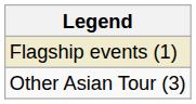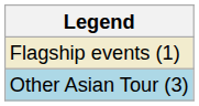 <table class="wikitable" style="font-size:95%;">
 <tr>
 <th>Legend</th>
 </tr>
 <tr style="background:#f2ecce;">
 <td>Flagship events (1)</td>
 </tr>
 <tr>
-<td>Other Asian Tour (3)</td>
+<td style="background: lightblue;">Other Asian Tour (3)</td>
 </tr>
 </table>
